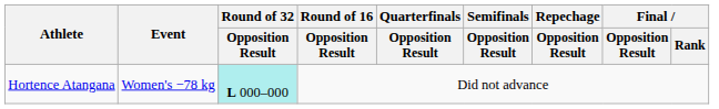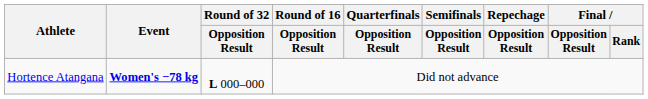 <table class="wikitable" style="font-size:90%">
 <tr>
 <th rowspan="2">Athlete</th>
 <th rowspan="2">Event</th>
 <th>Round of 32</th>
 <th>Round of 16</th>
 <th>Quarterfinals</th>
 <th>Semifinals</th>
 <th>Repechage</th>
 <th colspan=2>Final / </th>
 </tr>
 <tr style="font-size:95%">
 <th>Opposition<br>Result</th>
 <th>Opposition<br>Result</th>
 <th>Opposition<br>Result</th>
 <th>Opposition<br>Result</th>
 <th>Opposition<br>Result</th>
 <th>Opposition<br>Result</th>
 <th>Rank</th>
 </tr>
 <tr align=center>
 <td align=left><a href='#'>Hortence Atangana</a></td>
-<td align=left><a href='#'>Women's −78 kg</a></td>
-<td style="background: paleturquoise;"><br><strong>L</strong> 000–000 </td>
+<td align=left><strong><a href='#'>Women's −78 kg</a></strong></td>
+<td><br><strong>L</strong> 000–000 </td>
 <td colspan=6>Did not advance</td>
 </tr>
 </table>
